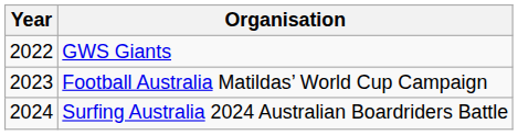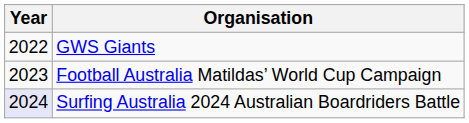 <table class="wikitable">
 <tr>
 <th>Year</th>
 <th>Organisation</th>
 </tr>
 <tr>
 <td>2022</td>
 <td><a href='#'>GWS Giants</a></td>
 </tr>
 <tr>
 <td>2023</td>
 <td><a href='#'>Football Australia</a> Matildas’ World Cup Campaign</td>
 </tr>
 <tr>
-<td>2024</td>
+<td style="background: lavender;">2024</td>
 <td><a href='#'>Surfing Australia</a> 2024 Australian Boardriders Battle</td>
 </tr>
 </table>
